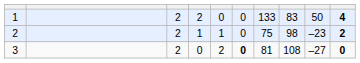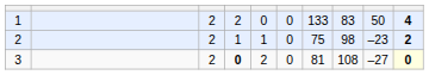 <table class="wikitable" style="text-align:center; font-size:95%">
 <tr>
 <th width="25"></th>
 <th width="200"></th>
 <th width="25"></th>
 <th width="25"></th>
 <th width="25"></th>
 <th width="25"></th>
 <th width="30"></th>
 <th width="30"></th>
 <th width="30"></th>
 <th width="30"></th>
 </tr>
 <tr style="background:#e6efff">
 <td>1</td>
 <td style="text-align:left"></td>
 <td>2</td>
 <td>2</td>
 <td>0</td>
 <td>0</td>
 <td>133</td>
 <td>83</td>
 <td>50</td>
 <td><strong>4</strong></td>
 </tr>
 <tr style="background:#e6efff">
 <td>2</td>
 <td style="text-align:left"></td>
 <td>2</td>
 <td>1</td>
 <td>1</td>
 <td>0</td>
 <td>75</td>
 <td>98</td>
 <td>–23</td>
 <td><strong>2</strong></td>
 </tr>
 <tr>
 <td>3</td>
 <td style="text-align:left"></td>
 <td>2</td>
+<td><strong>0</strong></td>
+<td>2</td>
 <td>0</td>
-<td>2</td>
-<td><strong>0</strong></td>
 <td>81</td>
 <td>108</td>
 <td>–27</td>
-<td><strong>0</strong></td>
+<td style="background: lightyellow;"><strong>0</strong></td>
 </tr>
 </table>
